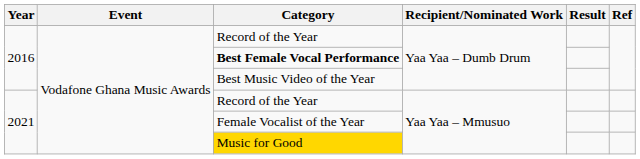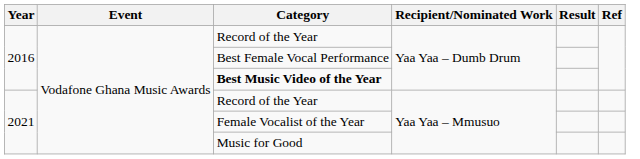 <table class="wikitable">
 <tr>
 <th>Year</th>
 <th>Event</th>
 <th>Category</th>
 <th>Recipient/Nominated Work</th>
 <th>Result</th>
 <th>Ref</th>
 </tr>
 <tr>
 <td rowspan="3">2016</td>
 <td rowspan="6">Vodafone Ghana Music Awards</td>
 <td>Record of the Year</td>
 <td rowspan="3">Yaa Yaa – Dumb Drum</td>
 <td></td>
 <td rowspan="3"></td>
 </tr>
 <tr>
-<td><strong>Best Female Vocal Performance</strong></td>
+<td>Best Female Vocal Performance</td>
 <td></td>
 </tr>
 <tr>
-<td>Best Music Video of the Year</td>
+<td><strong>Best Music Video of the Year</strong></td>
 <td></td>
 </tr>
 <tr>
 <td rowspan="3">2021</td>
 <td>Record of the Year</td>
 <td rowspan="3">Yaa Yaa – Mmusuo</td>
 <td></td>
 <td></td>
 </tr>
 <tr>
 <td>Female Vocalist of the Year</td>
 <td></td>
 <td></td>
 </tr>
 <tr>
-<td style="background: gold;">Music for Good</td>
+<td>Music for Good</td>
 <td></td>
 <td></td>
 </tr>
 </table>
